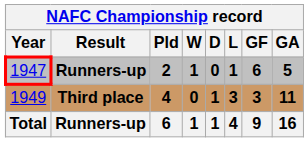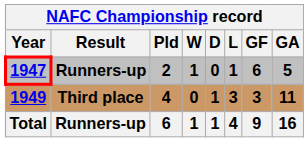 <table class="wikitable" style="text-align: center;">
 <tr>
 <th colspan=9><a href='#'>NAFC Championship</a> record</th>
 </tr>
 <tr>
 <th>Year</th>
 <th>Result</th>
 <th>Pld</th>
 <th>W</th>
 <th>D</th>
 <th>L</th>
 <th>GF</th>
 <th>GA</th>
 </tr>
 <tr bgcolor=silver>
-<td style="border:3px solid red"> <a href='#'>1947</a></td>
+<td style="border:3px solid red"><strong> <a href='#'>1947</a></strong></td>
 <td><strong>Runners-up</strong></td>
 <td><strong>2</strong></td>
 <td><strong>1</strong></td>
 <td><strong>0</strong></td>
 <td><strong>1</strong></td>
 <td><strong>6</strong></td>
 <td><strong>5</strong></td>
 </tr>
 <tr bgcolor=cc9966>
-<td> <a href='#'>1949</a></td>
+<td><strong> <a href='#'>1949</a></strong></td>
 <td><strong>Third place</strong></td>
 <td><strong>4</strong></td>
 <td><strong>0</strong></td>
 <td><strong>1</strong></td>
 <td><strong>3</strong></td>
 <td><strong>3</strong></td>
 <td><strong>11</strong></td>
 </tr>
 <tr>
 <th>Total</th>
 <th>Runners-up</th>
 <th>6</th>
 <th>1</th>
 <th>1</th>
 <th>4</th>
 <th>9</th>
 <th>16</th>
 </tr>
 </table>
